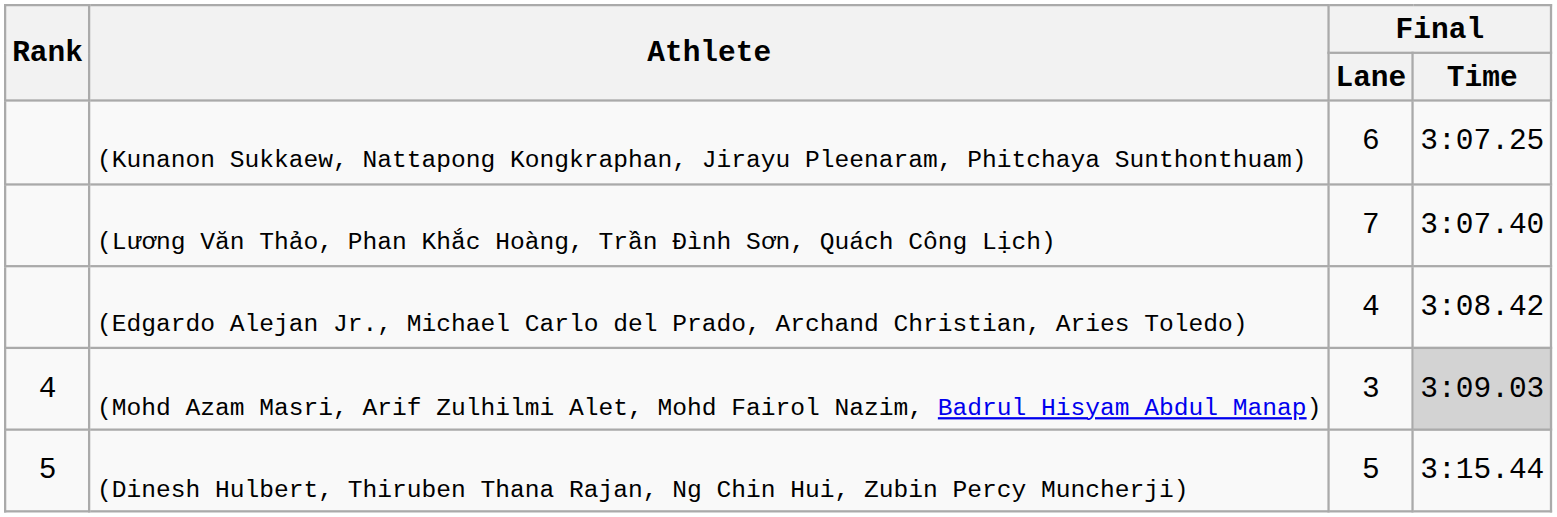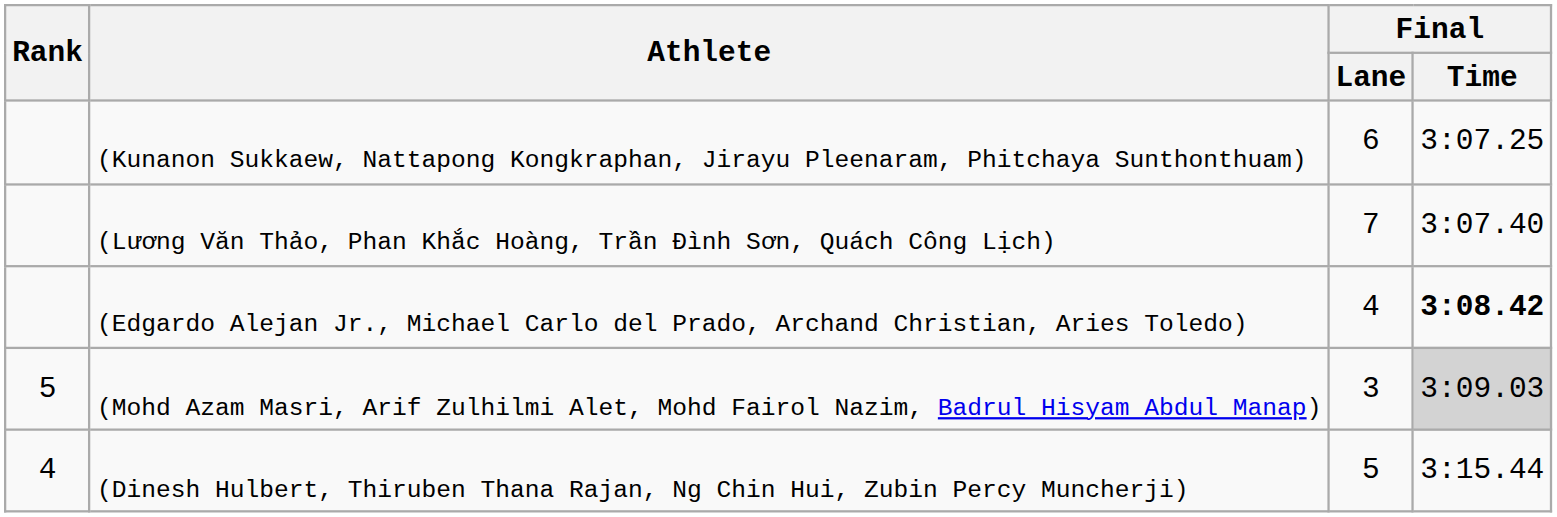 <table class="wikitable sortable"  style="text-align:center">
 <tr>
 <th rowspan="2" data-sort-type=number>Rank</th>
 <th rowspan="2">Athlete</th>
 <th colspan="2">Final</th>
 </tr>
 <tr>
 <th>Lane</th>
 <th>Time</th>
 </tr>
 <tr>
 <td></td>
 <td align="left"><br><small>(Kunanon Sukkaew, Nattapong Kongkraphan, Jirayu Pleenaram, Phitchaya Sunthonthuam)</small></td>
 <td>6</td>
 <td>3:07.25</td>
 </tr>
 <tr>
 <td></td>
 <td align="left"><br><small>(Lương Văn Thảo, Phan Khắc Hoàng, Trần Đình Sơn, Quách Công Lịch)</small></td>
 <td>7</td>
 <td>3:07.40</td>
 </tr>
 <tr>
 <td></td>
 <td align="left"><br><small>(Edgardo Alejan Jr., Michael Carlo del Prado, Archand Christian, Aries Toledo)</small></td>
 <td>4</td>
-<td>3:08.42</td>
+<td><strong>3:08.42</strong></td>
 </tr>
 <tr>
-<td>4</td>
+<td>5</td>
 <td align="left"><br><small>(Mohd Azam Masri, Arif Zulhilmi Alet, Mohd Fairol Nazim, <a href='#'>Badrul Hisyam Abdul Manap</a>)</small></td>
 <td>3</td>
 <td style="background: lightgrey;">3:09.03</td>
 </tr>
 <tr>
-<td>5</td>
+<td>4</td>
 <td align="left"><br><small>(Dinesh Hulbert, Thiruben Thana Rajan, Ng Chin Hui, Zubin Percy Muncherji)</small></td>
 <td>5</td>
 <td>3:15.44</td>
 </tr>
 </table>
